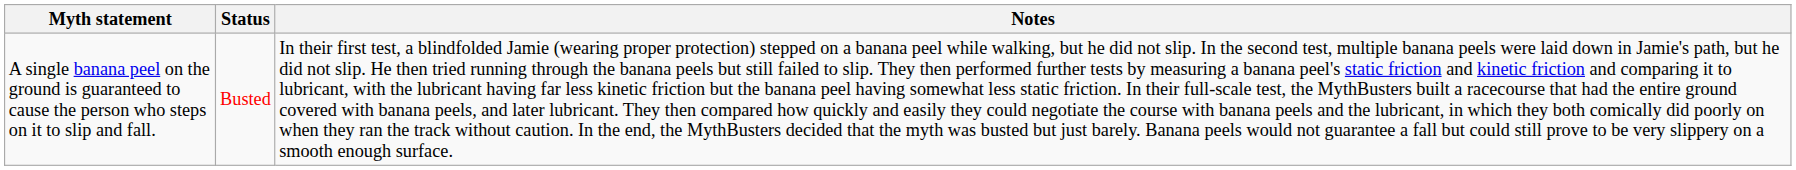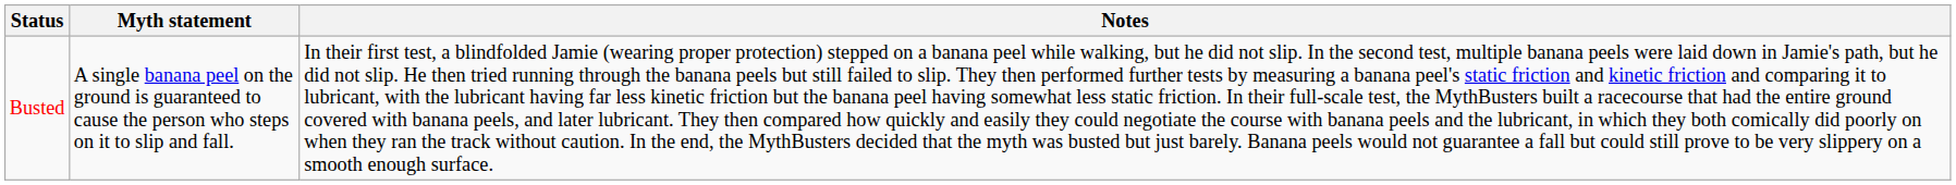 <table class="wikitable plainrowheaders">
 <tr>
+<th>Status</th>
 <th>Myth statement</th>
-<th>Status</th>
 <th>Notes</th>
 </tr>
 <tr>
+<td style="color:red">Busted</td>
 <td>A single <a href='#'>banana peel</a> on the ground is guaranteed to cause the person who steps on it to slip and fall.</td>
-<td style="color:red">Busted</td>
 <td>In their first test, a blindfolded Jamie (wearing proper protection) stepped on a banana peel while walking, but he did not slip. In the second test, multiple banana peels were laid down in Jamie's path, but he did not slip. He then tried running through the banana peels but still failed to slip. They then performed further tests by measuring a banana peel's <a href='#'>static friction</a> and <a href='#'>kinetic friction</a> and comparing it to lubricant, with the lubricant having far less kinetic friction but the banana peel having somewhat less static friction. In their full-scale test, the MythBusters built a racecourse that had the entire ground covered with banana peels, and later lubricant. They then compared how quickly and easily they could negotiate the course with banana peels and the lubricant, in which they both comically did poorly on when they ran the track without caution. In the end, the MythBusters decided that the myth was busted but just barely. Banana peels would not guarantee a fall but could still prove to be very slippery on a smooth enough surface.</td>
 </tr>
 </table>
